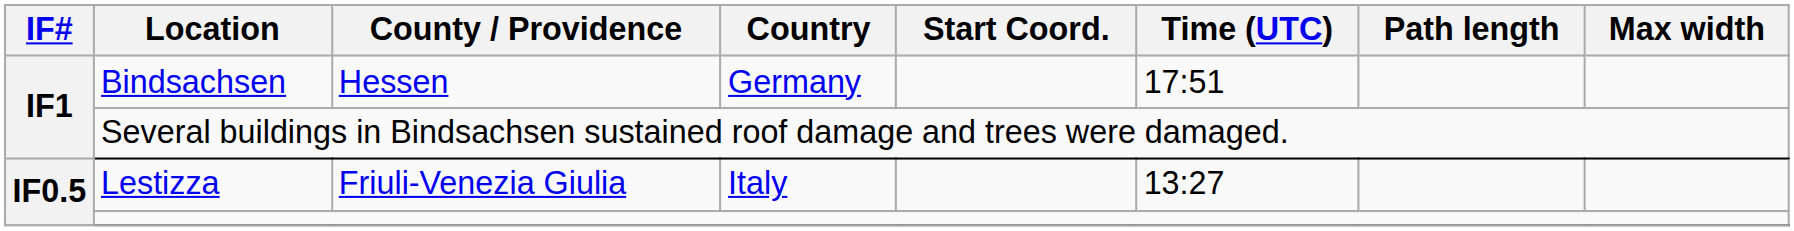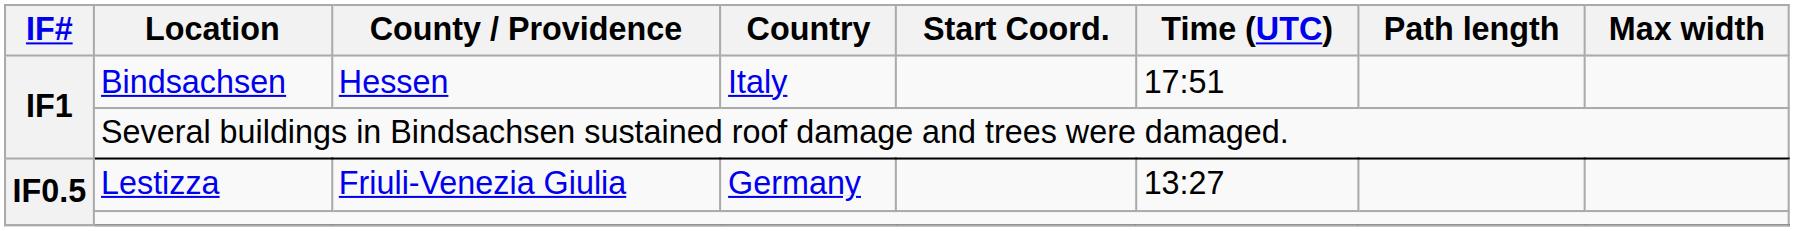 <table class="wikitable sortable" style="width:100%;">
 <tr>
 <th scope="col" width="2%" align="center"><a href='#'>IF#</a></th>
 <th scope="col" align="center" class="unsortable">Location</th>
 <th scope="col" align="center" class="unsortable">County / Providence</th>
 <th scope="col" align="center">Country</th>
 <th scope="col" align="center">Start Coord.</th>
 <th scope="col" align="center">Time (<a href='#'>UTC</a>)</th>
 <th scope="col" align="center">Path length</th>
 <th scope="col" align="center">Max width</th>
 </tr>
 <tr>
 <th scope="row" rowspan="2" style="background-color:#">IF1</th>
 <td><a href='#'>Bindsachsen</a></td>
 <td><a href='#'>Hessen</a></td>
-<td><a href='#'>Germany</a></td>
+<td><a href='#'>Italy</a></td>
 <td></td>
 <td>17:51</td>
 <td></td>
 <td></td>
 </tr>
 <tr class="expand-child">
 <td colspan="8" style=" border-bottom: 1px solid black;">Several buildings in Bindsachsen sustained roof damage and trees were damaged.</td>
 </tr>
 <tr>
 <th scope="row" rowspan="2" style="background-color:#">IF0.5</th>
 <td><a href='#'>Lestizza</a></td>
 <td><a href='#'>Friuli-Venezia Giulia</a></td>
-<td><a href='#'>Italy</a></td>
+<td><a href='#'>Germany</a></td>
 <td></td>
 <td>13:27</td>
 <td></td>
 <td></td>
 </tr>
 <tr class="expand-child">
 <td colspan="8" style=" border-bottom: 1px solid black;"></td>
 </tr>
 <tr>
 </tr>
 </table>
